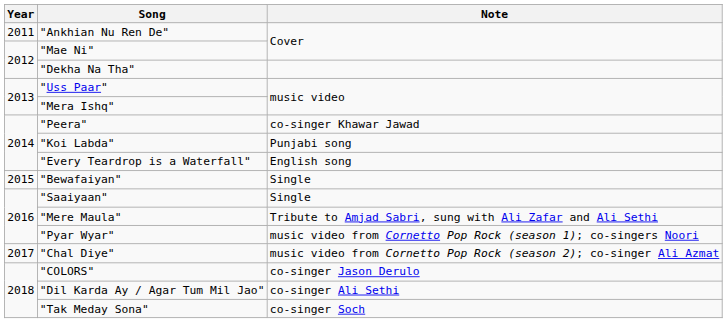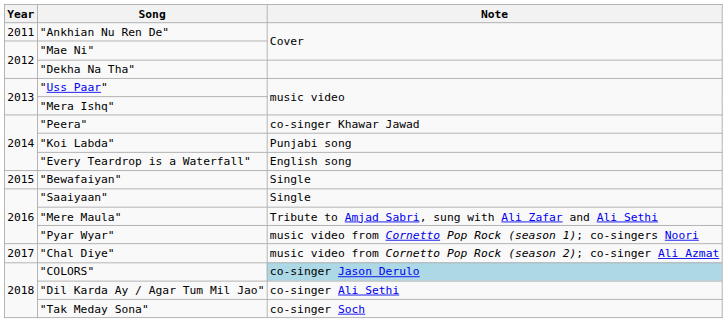 <table class="wikitable">
 <tr>
 <th>Year</th>
 <th>Song</th>
 <th>Note</th>
 </tr>
 <tr>
 <td>2011</td>
 <td>"Ankhian Nu Ren De"</td>
 <td rowspan="2">Cover</td>
 </tr>
 <tr>
 <td rowspan="2">2012</td>
 <td>"Mae Ni"</td>
 </tr>
 <tr>
 <td>"Dekha Na Tha"</td>
 <td></td>
 </tr>
 <tr>
 <td rowspan="2">2013</td>
 <td>"<a href='#'>Uss Paar</a>"</td>
 <td rowspan="2">music video</td>
 </tr>
 <tr>
 <td>"Mera Ishq"</td>
 </tr>
 <tr>
 <td rowspan="3">2014</td>
 <td>"Peera"</td>
 <td>co-singer Khawar Jawad</td>
 </tr>
 <tr>
 <td>"Koi Labda"</td>
 <td>Punjabi song</td>
 </tr>
 <tr>
 <td>"Every Teardrop is a Waterfall"</td>
 <td>English song</td>
 </tr>
 <tr>
 <td>2015</td>
 <td>"Bewafaiyan"</td>
 <td>Single</td>
 </tr>
 <tr>
 <td rowspan="3">2016</td>
 <td>"Saaiyaan"</td>
 <td>Single</td>
 </tr>
 <tr>
 <td>"Mere Maula"</td>
 <td>Tribute to <a href='#'>Amjad Sabri</a>, sung with <a href='#'>Ali Zafar</a> and <a href='#'>Ali Sethi</a></td>
 </tr>
 <tr>
 <td>"Pyar Wyar"</td>
 <td>music video from <em><a href='#'>Cornetto</a> Pop Rock (season 1)</em>; co-singers <a href='#'>Noori</a></td>
 </tr>
 <tr>
 <td>2017</td>
 <td>"Chal Diye"</td>
 <td>music video from <em>Cornetto Pop Rock (season 2)</em>; co-singer <a href='#'>Ali Azmat</a></td>
 </tr>
 <tr>
 <td rowspan="4">2018</td>
 <td>"COLORS"</td>
-<td>co-singer <a href='#'>Jason Derulo</a></td>
+<td style="background: lightblue;">co-singer <a href='#'>Jason Derulo</a></td>
 </tr>
 <tr>
 <td>"Dil Karda Ay / Agar Tum Mil Jao"</td>
 <td>co-singer <a href='#'>Ali Sethi</a></td>
 </tr>
 <tr>
 <td>"Tak Meday Sona"</td>
 <td>co-singer <a href='#'>Soch</a></td>
 </tr>
 </table>
